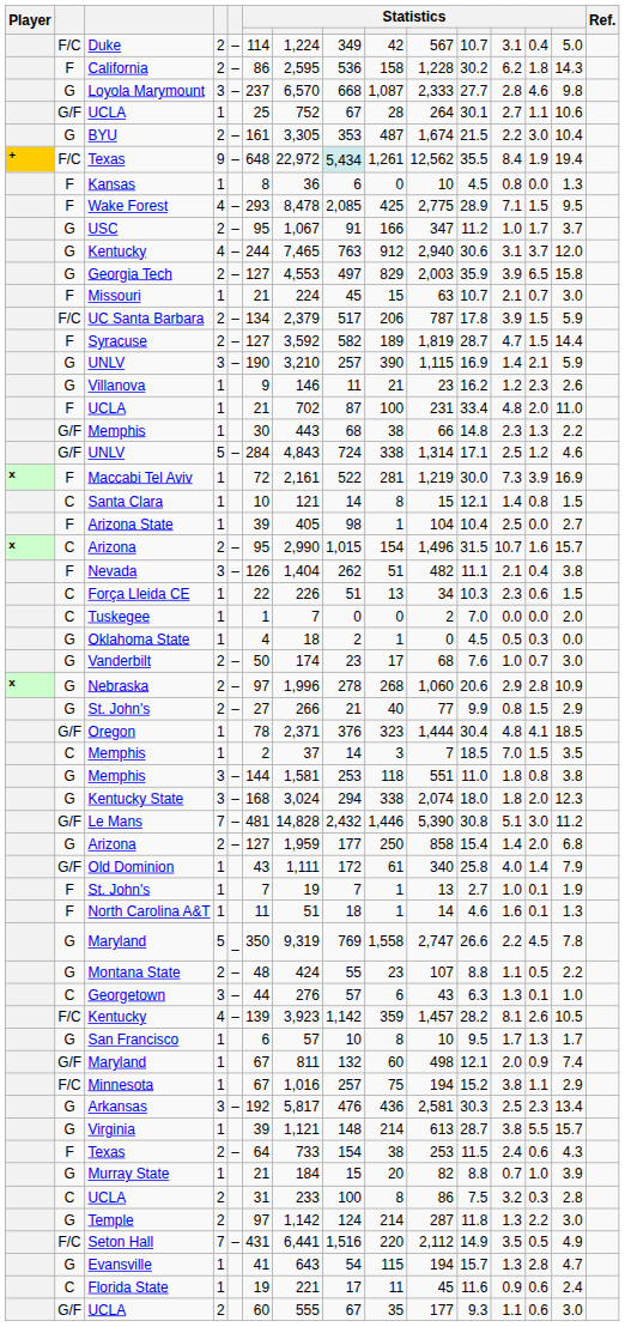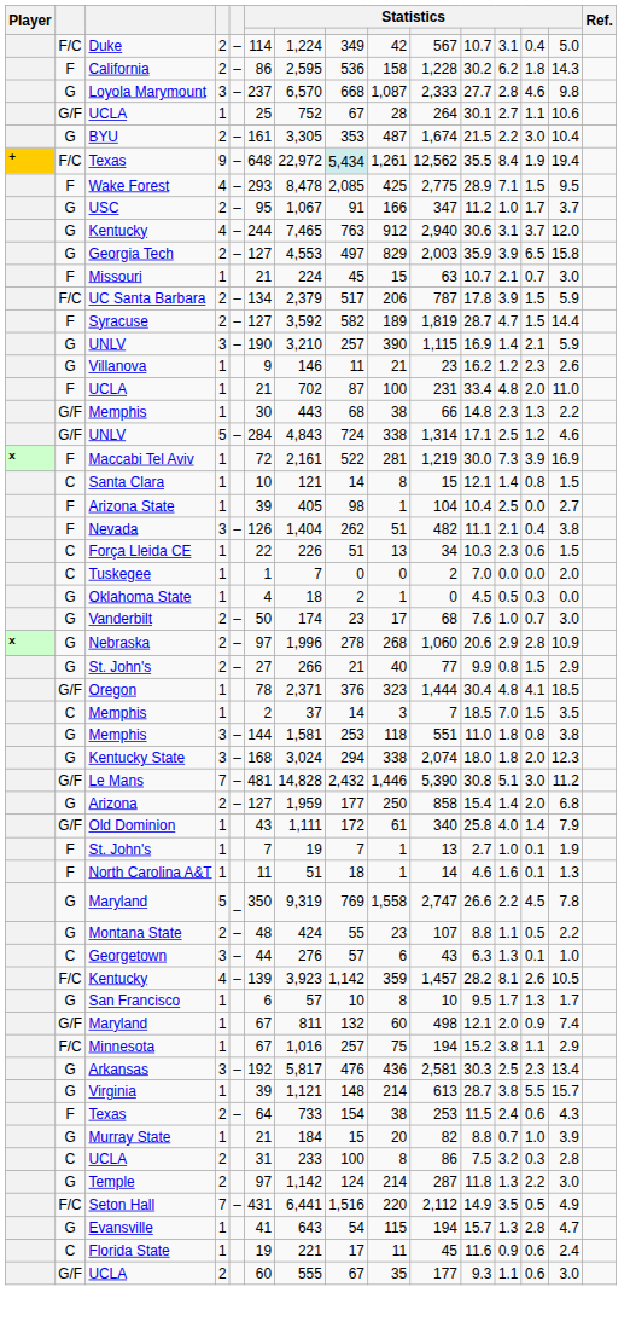 <table class="wikitable sortable" style="font-size:95%; text-align:right;">
 <tr>
 <th scope=col rowspan="2">Player</th>
 <th scope=col rowspan="2"></th>
 <th scope=col rowspan="2"></th>
 <th scope=col rowspan="2"></th>
 <th scope=col rowspan="2"></th>
 <th scope=colgroup colspan="9">Statistics</th>
 <th scope=col rowspan="2">Ref.</th>
 </tr>
 <tr>
 <th scope=col></th>
 <th scope=col></th>
 <th scope=col></th>
 <th scope=col></th>
 <th scope=col></th>
 <th scope=col></th>
 <th scope=col></th>
 <th scope=col></th>
 <th scope=col></th>
 </tr>
 <tr>
 <th scope=row style="text-align:left;"></th>
 <td align="center">F/C</td>
 <td align="left"><a href='#'>Duke</a></td>
 <td align="center">2</td>
 <td align="center">–</td>
 <td>114</td>
 <td>1,224</td>
 <td>349</td>
 <td>42</td>
 <td>567</td>
 <td>10.7</td>
 <td>3.1</td>
 <td>0.4</td>
 <td>5.0</td>
 <td align=center></td>
 </tr>
 <tr>
 <th scope=row style="text-align:left;"></th>
 <td align="center">F</td>
 <td align="left"><a href='#'>California</a></td>
 <td align="center">2</td>
 <td align="center">–</td>
 <td>86</td>
 <td>2,595</td>
 <td>536</td>
 <td>158</td>
 <td>1,228</td>
 <td>30.2</td>
 <td>6.2</td>
 <td>1.8</td>
 <td>14.3</td>
 <td align=center></td>
 </tr>
 <tr>
 <th scope=row style="text-align:left;"></th>
 <td align="center">G</td>
 <td align="left"><a href='#'>Loyola Marymount</a></td>
 <td align="center">3</td>
 <td align="center">–</td>
 <td>237</td>
 <td>6,570</td>
 <td>668</td>
 <td>1,087</td>
 <td>2,333</td>
 <td>27.7</td>
 <td>2.8</td>
 <td>4.6</td>
 <td>9.8</td>
 <td align=center></td>
 </tr>
 <tr>
 <th scope=row style="text-align:left;"></th>
 <td align="center">G/F</td>
 <td align="left"><a href='#'>UCLA</a></td>
 <td align="center">1</td>
 <td align="center"></td>
 <td>25</td>
 <td>752</td>
 <td>67</td>
 <td>28</td>
 <td>264</td>
 <td>30.1</td>
 <td>2.7</td>
 <td>1.1</td>
 <td>10.6</td>
 <td align=center></td>
 </tr>
 <tr>
 <th scope=row style="text-align:left;"></th>
 <td align="center">G</td>
 <td align="left"><a href='#'>BYU</a></td>
 <td align="center">2</td>
 <td align="center">–</td>
 <td>161</td>
 <td>3,305</td>
 <td>353</td>
 <td>487</td>
 <td>1,674</td>
 <td>21.5</td>
 <td>2.2</td>
 <td>3.0</td>
 <td>10.4</td>
 <td align=center></td>
 </tr>
 <tr>
 <th scope=row style="text-align:left; background-color:#FFCC00;"><sup>+</sup></th>
 <td align="center">F/C</td>
 <td align="left"><a href='#'>Texas</a></td>
 <td align="center">9</td>
 <td align="center">–</td>
 <td>648</td>
 <td>22,972</td>
 <td bgcolor="#CFECEC">5,434<sup></sup></td>
 <td>1,261</td>
 <td>12,562</td>
 <td>35.5</td>
 <td>8.4</td>
 <td>1.9</td>
 <td>19.4</td>
-<td align=center></td>
-</tr>
-<tr>
-<th scope=row style="text-align:left;"></th>
-<td align="center">F</td>
-<td align="left"><a href='#'>Kansas</a></td>
-<td align="center">1</td>
-<td align="center"></td>
-<td>8</td>
-<td>36</td>
-<td>6</td>
-<td>0</td>
-<td>10</td>
-<td>4.5</td>
-<td>0.8</td>
-<td>0.0</td>
-<td>1.3</td>
 <td align=center></td>
 </tr>
 <tr>
 <th scope=row style="text-align:left;"></th>
 <td align="center">F</td>
 <td align="left"><a href='#'>Wake Forest</a></td>
 <td align="center">4</td>
 <td align="center">–</td>
 <td>293</td>
 <td>8,478</td>
 <td>2,085</td>
 <td>425</td>
 <td>2,775</td>
 <td>28.9</td>
 <td>7.1</td>
 <td>1.5</td>
 <td>9.5</td>
 <td align=center></td>
 </tr>
 <tr>
 <th scope=row style="text-align:left;"></th>
 <td align="center">G</td>
 <td align="left"><a href='#'>USC</a></td>
 <td align="center">2</td>
 <td align="center">–</td>
 <td>95</td>
 <td>1,067</td>
 <td>91</td>
 <td>166</td>
 <td>347</td>
 <td>11.2</td>
 <td>1.0</td>
 <td>1.7</td>
 <td>3.7</td>
 <td align=center></td>
 </tr>
 <tr>
 <th scope=row style="text-align:left;"></th>
 <td align="center">G</td>
 <td align="left"><a href='#'>Kentucky</a></td>
 <td align="center">4</td>
 <td align="center">–</td>
 <td>244</td>
 <td>7,465</td>
 <td>763</td>
 <td>912</td>
 <td>2,940</td>
 <td>30.6</td>
 <td>3.1</td>
 <td>3.7</td>
 <td>12.0</td>
 <td align=center></td>
 </tr>
 <tr>
 <th scope=row style="text-align:left;"></th>
 <td align="center">G</td>
 <td align="left"><a href='#'>Georgia Tech</a></td>
 <td align="center">2</td>
 <td align="center">–</td>
 <td>127</td>
 <td>4,553</td>
 <td>497</td>
 <td>829</td>
 <td>2,003</td>
 <td>35.9</td>
 <td>3.9</td>
 <td>6.5</td>
 <td>15.8</td>
 <td align=center></td>
 </tr>
 <tr>
 <th scope=row style="text-align:left;"></th>
 <td align="center">F</td>
 <td align="left"><a href='#'>Missouri</a></td>
 <td align="center">1</td>
 <td align="center"></td>
 <td>21</td>
 <td>224</td>
 <td>45</td>
 <td>15</td>
 <td>63</td>
 <td>10.7</td>
 <td>2.1</td>
 <td>0.7</td>
 <td>3.0</td>
 <td align=center></td>
 </tr>
 <tr>
 <th scope=row style="text-align:left;"></th>
 <td align="center">F/C</td>
 <td align="left"><a href='#'>UC Santa Barbara</a></td>
 <td align="center">2</td>
 <td align="center">–</td>
 <td>134</td>
 <td>2,379</td>
 <td>517</td>
 <td>206</td>
 <td>787</td>
 <td>17.8</td>
 <td>3.9</td>
 <td>1.5</td>
 <td>5.9</td>
 <td align=center></td>
 </tr>
 <tr>
 <th scope=row style="text-align:left;"></th>
 <td align="center">F</td>
 <td align="left"><a href='#'>Syracuse</a></td>
 <td align="center">2</td>
 <td align="center">–</td>
 <td>127</td>
 <td>3,592</td>
 <td>582</td>
 <td>189</td>
 <td>1,819</td>
 <td>28.7</td>
 <td>4.7</td>
 <td>1.5</td>
 <td>14.4</td>
 <td align=center></td>
 </tr>
 <tr>
 <th scope=row style="text-align:left;"></th>
 <td align="center">G</td>
 <td align="left"><a href='#'>UNLV</a></td>
 <td align="center">3</td>
 <td align="center">–</td>
 <td>190</td>
 <td>3,210</td>
 <td>257</td>
 <td>390</td>
 <td>1,115</td>
 <td>16.9</td>
 <td>1.4</td>
 <td>2.1</td>
 <td>5.9</td>
 <td align=center></td>
 </tr>
 <tr>
 <th scope=row style="text-align:left;"></th>
 <td align="center">G</td>
 <td align="left"><a href='#'>Villanova</a></td>
 <td align="center">1</td>
 <td align="center"></td>
 <td>9</td>
 <td>146</td>
 <td>11</td>
 <td>21</td>
 <td>23</td>
 <td>16.2</td>
 <td>1.2</td>
 <td>2.3</td>
 <td>2.6</td>
 <td align=center></td>
 </tr>
 <tr>
 <th scope=row style="text-align:left;"></th>
 <td align="center">F</td>
 <td align="left"><a href='#'>UCLA</a></td>
 <td align="center">1</td>
 <td align="center"></td>
 <td>21</td>
 <td>702</td>
 <td>87</td>
 <td>100</td>
 <td>231</td>
 <td>33.4</td>
 <td>4.8</td>
 <td>2.0</td>
 <td>11.0</td>
 <td align=center></td>
 </tr>
 <tr>
 <th scope=row style="text-align:left;"></th>
 <td align="center">G/F</td>
 <td align="left"><a href='#'>Memphis</a></td>
 <td align="center">1</td>
 <td align="center"></td>
 <td>30</td>
 <td>443</td>
 <td>68</td>
 <td>38</td>
 <td>66</td>
 <td>14.8</td>
 <td>2.3</td>
 <td>1.3</td>
 <td>2.2</td>
 <td align=center></td>
 </tr>
 <tr>
 <th scope=row style="text-align:left;"></th>
 <td align="center">G/F</td>
 <td align="left"><a href='#'>UNLV</a></td>
 <td align="center">5</td>
 <td align="center">–</td>
 <td>284</td>
 <td>4,843</td>
 <td>724</td>
 <td>338</td>
 <td>1,314</td>
 <td>17.1</td>
 <td>2.5</td>
 <td>1.2</td>
 <td>4.6</td>
 <td align=center></td>
 </tr>
 <tr>
 <th scope=row style="text-align:left; background-color:#CCFFCC;"><sup>x</sup></th>
 <td align="center">F</td>
 <td align="left"> <a href='#'>Maccabi Tel Aviv</a></td>
 <td align="center">1</td>
 <td align="center"></td>
 <td>72</td>
 <td>2,161</td>
 <td>522</td>
 <td>281</td>
 <td>1,219</td>
 <td>30.0</td>
 <td>7.3</td>
 <td>3.9</td>
 <td>16.9</td>
 <td align=center></td>
 </tr>
 <tr>
 <th scope=row style="text-align:left;"></th>
 <td align="center">C</td>
 <td align="left"><a href='#'>Santa Clara</a></td>
 <td align="center">1</td>
 <td align="center"></td>
 <td>10</td>
 <td>121</td>
 <td>14</td>
 <td>8</td>
 <td>15</td>
 <td>12.1</td>
 <td>1.4</td>
 <td>0.8</td>
 <td>1.5</td>
 <td align=center></td>
 </tr>
 <tr>
 <th scope=row style="text-align:left;"></th>
 <td align="center">F</td>
 <td align="left"><a href='#'>Arizona State</a></td>
 <td align="center">1</td>
 <td align="center"></td>
 <td>39</td>
 <td>405</td>
 <td>98</td>
 <td>1</td>
 <td>104</td>
 <td>10.4</td>
 <td>2.5</td>
 <td>0.0</td>
 <td>2.7</td>
-<td align=center></td>
-</tr>
-<tr>
-<th scope=row style="text-align:left; background-color:#CCFFCC;"><sup>x</sup></th>
-<td align="center">C</td>
-<td align="left"><a href='#'>Arizona</a></td>
-<td align="center">2</td>
-<td align="center">–</td>
-<td>95</td>
-<td>2,990</td>
-<td>1,015</td>
-<td>154</td>
-<td>1,496</td>
-<td>31.5</td>
-<td>10.7</td>
-<td>1.6</td>
-<td>15.7</td>
 <td align=center></td>
 </tr>
 <tr>
 <th scope=row style="text-align:left;"></th>
 <td align="center">F</td>
 <td align="left"><a href='#'>Nevada</a></td>
 <td align="center">3</td>
 <td align="center">–</td>
 <td>126</td>
 <td>1,404</td>
 <td>262</td>
 <td>51</td>
 <td>482</td>
 <td>11.1</td>
 <td>2.1</td>
 <td>0.4</td>
 <td>3.8</td>
 <td align=center></td>
 </tr>
 <tr>
 <th scope=row style="text-align:left;"></th>
 <td align="center">C</td>
 <td align="left"> <a href='#'>Força Lleida CE</a></td>
 <td align="center">1</td>
 <td align="center"></td>
 <td>22</td>
 <td>226</td>
 <td>51</td>
 <td>13</td>
 <td>34</td>
 <td>10.3</td>
 <td>2.3</td>
 <td>0.6</td>
 <td>1.5</td>
 <td align=center></td>
 </tr>
 <tr>
 <th scope=row style="text-align:left;"></th>
 <td align="center">C</td>
 <td align="left"><a href='#'>Tuskegee</a></td>
 <td align="center">1</td>
 <td align="center"></td>
 <td>1</td>
 <td>7</td>
 <td>0</td>
 <td>0</td>
 <td>2</td>
 <td>7.0</td>
 <td>0.0</td>
 <td>0.0</td>
 <td>2.0</td>
 <td align=center></td>
 </tr>
 <tr>
 <th scope=row style="text-align:left;"></th>
 <td align="center">G</td>
 <td align="left"><a href='#'>Oklahoma State</a></td>
 <td align="center">1</td>
 <td align="center"></td>
 <td>4</td>
 <td>18</td>
 <td>2</td>
 <td>1</td>
 <td>0</td>
 <td>4.5</td>
 <td>0.5</td>
 <td>0.3</td>
 <td>0.0</td>
 <td align=center></td>
 </tr>
 <tr>
 <th scope=row style="text-align:left;"></th>
 <td align="center">G</td>
 <td align="left"><a href='#'>Vanderbilt</a></td>
 <td align="center">2</td>
 <td align="center">–</td>
 <td>50</td>
 <td>174</td>
 <td>23</td>
 <td>17</td>
 <td>68</td>
 <td>7.6</td>
 <td>1.0</td>
 <td>0.7</td>
 <td>3.0</td>
 <td align=center></td>
 </tr>
 <tr>
 <th scope=row style="text-align:left; background-color:#CCFFCC;"><sup>x</sup></th>
 <td align="center">G</td>
 <td align="left"><a href='#'>Nebraska</a></td>
 <td align="center">2</td>
 <td align="center">–</td>
 <td>97</td>
 <td>1,996</td>
 <td>278</td>
 <td>268</td>
 <td>1,060</td>
 <td>20.6</td>
 <td>2.9</td>
 <td>2.8</td>
 <td>10.9</td>
 <td align=center></td>
 </tr>
 <tr>
 <th scope=row style="text-align:left;"></th>
 <td align="center">G</td>
 <td align="left"><a href='#'>St. John's</a></td>
 <td align="center">2</td>
 <td align="center">–</td>
 <td>27</td>
 <td>266</td>
 <td>21</td>
 <td>40</td>
 <td>77</td>
 <td>9.9</td>
 <td>0.8</td>
 <td>1.5</td>
 <td>2.9</td>
 <td align=center></td>
 </tr>
 <tr>
 <th scope=row style="text-align:left;"></th>
 <td align="center">G/F</td>
 <td align="left"><a href='#'>Oregon</a></td>
 <td align="center">1</td>
 <td align="center"></td>
 <td>78</td>
 <td>2,371</td>
 <td>376</td>
 <td>323</td>
 <td>1,444</td>
 <td>30.4</td>
 <td>4.8</td>
 <td>4.1</td>
 <td>18.5</td>
 <td align=center></td>
 </tr>
 <tr>
 <th scope=row style="text-align:left;"></th>
 <td align="center">C</td>
 <td align="left"><a href='#'>Memphis</a></td>
 <td align="center">1</td>
 <td align="center"></td>
 <td>2</td>
 <td>37</td>
 <td>14</td>
 <td>3</td>
 <td>7</td>
 <td>18.5</td>
 <td>7.0</td>
 <td>1.5</td>
 <td>3.5</td>
 <td align=center></td>
 </tr>
 <tr>
 <th scope=row style="text-align:left;"></th>
 <td align="center">G</td>
 <td align="left"><a href='#'>Memphis</a></td>
 <td align="center">3</td>
 <td align="center">–</td>
 <td>144</td>
 <td>1,581</td>
 <td>253</td>
 <td>118</td>
 <td>551</td>
 <td>11.0</td>
 <td>1.8</td>
 <td>0.8</td>
 <td>3.8</td>
 <td align=center></td>
 </tr>
 <tr>
 <th scope=row style="text-align:left;"></th>
 <td align="center">G</td>
 <td align="left"><a href='#'>Kentucky State</a></td>
 <td align="center">3</td>
 <td align="center">–</td>
 <td>168</td>
 <td>3,024</td>
 <td>294</td>
 <td>338</td>
 <td>2,074</td>
 <td>18.0</td>
 <td>1.8</td>
 <td>2.0</td>
 <td>12.3</td>
 <td align=center></td>
 </tr>
 <tr>
 <th scope=row style="text-align:left;"></th>
 <td align="center">G/F</td>
 <td align="left"> <a href='#'>Le Mans</a></td>
 <td align="center">7</td>
 <td align="center">–</td>
 <td>481</td>
 <td>14,828</td>
 <td>2,432</td>
 <td>1,446</td>
 <td>5,390</td>
 <td>30.8</td>
 <td>5.1</td>
 <td>3.0</td>
 <td>11.2</td>
 <td align=center></td>
 </tr>
 <tr>
 <th scope=row style="text-align:left;"></th>
 <td align="center">G</td>
 <td align="left"><a href='#'>Arizona</a></td>
 <td align="center">2</td>
 <td align="center">–</td>
 <td>127</td>
 <td>1,959</td>
 <td>177</td>
 <td>250</td>
 <td>858</td>
 <td>15.4</td>
 <td>1.4</td>
 <td>2.0</td>
 <td>6.8</td>
 <td align=center></td>
 </tr>
 <tr>
 <th scope=row style="text-align:left;"></th>
 <td align="center">G/F</td>
 <td align="left"><a href='#'>Old Dominion</a></td>
 <td align="center">1</td>
 <td align="center"></td>
 <td>43</td>
 <td>1,111</td>
 <td>172</td>
 <td>61</td>
 <td>340</td>
 <td>25.8</td>
 <td>4.0</td>
 <td>1.4</td>
 <td>7.9</td>
 <td align=center></td>
 </tr>
 <tr>
 <th scope=row style="text-align:left;"></th>
 <td align="center">F</td>
 <td align="left"><a href='#'>St. John's</a></td>
 <td align="center">1</td>
 <td align="center"></td>
 <td>7</td>
 <td>19</td>
 <td>7</td>
 <td>1</td>
 <td>13</td>
 <td>2.7</td>
 <td>1.0</td>
 <td>0.1</td>
 <td>1.9</td>
 <td align=center></td>
 </tr>
 <tr>
 <th scope=row style="text-align:left;"></th>
 <td align="center">F</td>
 <td align="left"><a href='#'>North Carolina A&T</a></td>
 <td align="center">1</td>
 <td align="center"></td>
 <td>11</td>
 <td>51</td>
 <td>18</td>
 <td>1</td>
 <td>14</td>
 <td>4.6</td>
 <td>1.6</td>
 <td>0.1</td>
 <td>1.3</td>
 <td align=center></td>
 </tr>
 <tr>
 <th scope=row style="text-align:left;"></th>
 <td align="center">G</td>
 <td align="left"><a href='#'>Maryland</a></td>
 <td align="center">5</td>
 <td align="center"><br>–<br></td>
 <td>350</td>
 <td>9,319</td>
 <td>769</td>
 <td>1,558</td>
 <td>2,747</td>
 <td>26.6</td>
 <td>2.2</td>
 <td>4.5</td>
 <td>7.8</td>
 <td align=center></td>
 </tr>
 <tr>
 <th scope=row style="text-align:left;"></th>
 <td align="center">G</td>
 <td align="left"><a href='#'>Montana State</a></td>
 <td align="center">2</td>
 <td align="center">–</td>
 <td>48</td>
 <td>424</td>
 <td>55</td>
 <td>23</td>
 <td>107</td>
 <td>8.8</td>
 <td>1.1</td>
 <td>0.5</td>
 <td>2.2</td>
 <td align=center></td>
 </tr>
 <tr>
 <th scope=row style="text-align:left;"></th>
 <td align="center">C</td>
 <td align="left"><a href='#'>Georgetown</a></td>
 <td align="center">3</td>
 <td align="center">–</td>
 <td>44</td>
 <td>276</td>
 <td>57</td>
 <td>6</td>
 <td>43</td>
 <td>6.3</td>
 <td>1.3</td>
 <td>0.1</td>
 <td>1.0</td>
 <td align=center></td>
 </tr>
 <tr>
 <th scope=row style="text-align:left;"></th>
 <td align="center">F/C</td>
 <td align="left"><a href='#'>Kentucky</a></td>
 <td align="center">4</td>
 <td align="center">–<br></td>
 <td>139</td>
 <td>3,923</td>
 <td>1,142</td>
 <td>359</td>
 <td>1,457</td>
 <td>28.2</td>
 <td>8.1</td>
 <td>2.6</td>
 <td>10.5</td>
 <td align=center></td>
 </tr>
 <tr>
 <th scope=row style="text-align:left;"></th>
 <td align="center">G</td>
 <td align="left"><a href='#'>San Francisco</a></td>
 <td align="center">1</td>
 <td align="center"></td>
 <td>6</td>
 <td>57</td>
 <td>10</td>
 <td>8</td>
 <td>10</td>
 <td>9.5</td>
 <td>1.7</td>
 <td>1.3</td>
 <td>1.7</td>
 <td align=center></td>
 </tr>
 <tr>
 <th scope=row style="text-align:left;"></th>
 <td align="center">G/F</td>
 <td align="left"><a href='#'>Maryland</a></td>
 <td align="center">1</td>
 <td align="center"></td>
 <td>67</td>
 <td>811</td>
 <td>132</td>
 <td>60</td>
 <td>498</td>
 <td>12.1</td>
 <td>2.0</td>
 <td>0.9</td>
 <td>7.4</td>
 <td align=center></td>
 </tr>
 <tr>
 <th scope=row style="text-align:left;"></th>
 <td align="center">F/C</td>
 <td align="left"><a href='#'>Minnesota</a></td>
 <td align="center">1</td>
 <td align="center"></td>
 <td>67</td>
 <td>1,016</td>
 <td>257</td>
 <td>75</td>
 <td>194</td>
 <td>15.2</td>
 <td>3.8</td>
 <td>1.1</td>
 <td>2.9</td>
 <td align=center></td>
 </tr>
 <tr>
 <th scope=row style="text-align:left;"></th>
 <td align="center">G</td>
 <td align="left"><a href='#'>Arkansas</a></td>
 <td align="center">3</td>
 <td align="center">–</td>
 <td>192</td>
 <td>5,817</td>
 <td>476</td>
 <td>436</td>
 <td>2,581</td>
 <td>30.3</td>
 <td>2.5</td>
 <td>2.3</td>
 <td>13.4</td>
 <td align=center></td>
 </tr>
 <tr>
 <th scope=row style="text-align:left;"></th>
 <td align="center">G</td>
 <td align="left"><a href='#'>Virginia</a></td>
 <td align="center">1</td>
 <td align="center"></td>
 <td>39</td>
 <td>1,121</td>
 <td>148</td>
 <td>214</td>
 <td>613</td>
 <td>28.7</td>
 <td>3.8</td>
 <td>5.5</td>
 <td>15.7</td>
 <td align=center></td>
 </tr>
 <tr>
 <th scope=row style="text-align:left;"></th>
 <td align="center">F</td>
 <td align="left"><a href='#'>Texas</a></td>
 <td align="center">2</td>
 <td align="center">–</td>
 <td>64</td>
 <td>733</td>
 <td>154</td>
 <td>38</td>
 <td>253</td>
 <td>11.5</td>
 <td>2.4</td>
 <td>0.6</td>
 <td>4.3</td>
 <td align=center></td>
 </tr>
 <tr>
 <th scope=row style="text-align:left;"></th>
 <td align="center">G</td>
 <td align="left"><a href='#'>Murray State</a></td>
 <td align="center">1</td>
 <td align="center"></td>
 <td>21</td>
 <td>184</td>
 <td>15</td>
 <td>20</td>
 <td>82</td>
 <td>8.8</td>
 <td>0.7</td>
 <td>1.0</td>
 <td>3.9</td>
 <td align=center></td>
 </tr>
 <tr>
 <th scope=row style="text-align:left;"></th>
 <td align="center">C</td>
 <td align="left"><a href='#'>UCLA</a></td>
 <td align="center">2</td>
 <td align="center"><br></td>
 <td>31</td>
 <td>233</td>
 <td>100</td>
 <td>8</td>
 <td>86</td>
 <td>7.5</td>
 <td>3.2</td>
 <td>0.3</td>
 <td>2.8</td>
 <td align=center></td>
 </tr>
 <tr>
 <th scope=row style="text-align:left;"></th>
 <td align="center">G</td>
 <td align="left"><a href='#'>Temple</a></td>
 <td align="center">2</td>
 <td align="center"><br></td>
 <td>97</td>
 <td>1,142</td>
 <td>124</td>
 <td>214</td>
 <td>287</td>
 <td>11.8</td>
 <td>1.3</td>
 <td>2.2</td>
 <td>3.0</td>
 <td align=center></td>
 </tr>
 <tr>
 <th scope=row style="text-align:left;"></th>
 <td align="center">F/C</td>
 <td align="left"><a href='#'>Seton Hall</a></td>
 <td align="center">7</td>
 <td align="center">–</td>
 <td>431</td>
 <td>6,441</td>
 <td>1,516</td>
 <td>220</td>
 <td>2,112</td>
 <td>14.9</td>
 <td>3.5</td>
 <td>0.5</td>
 <td>4.9</td>
 <td align=center></td>
 </tr>
 <tr>
 <th scope=row style="text-align:left;"></th>
 <td align="center">G</td>
 <td align="left"><a href='#'>Evansville</a></td>
 <td align="center">1</td>
 <td align="center"></td>
 <td>41</td>
 <td>643</td>
 <td>54</td>
 <td>115</td>
 <td>194</td>
 <td>15.7</td>
 <td>1.3</td>
 <td>2.8</td>
 <td>4.7</td>
 <td align=center></td>
 </tr>
 <tr>
 <th scope=row style="text-align:left;"></th>
 <td align="center">C</td>
 <td align="left"><a href='#'>Florida State</a></td>
 <td align="center">1</td>
 <td align="center"></td>
 <td>19</td>
 <td>221</td>
 <td>17</td>
 <td>11</td>
 <td>45</td>
 <td>11.6</td>
 <td>0.9</td>
 <td>0.6</td>
 <td>2.4</td>
 <td align=center></td>
 </tr>
 <tr>
 <th scope=row style="text-align:left;"></th>
 <td align="center">G/F</td>
 <td align="left"><a href='#'>UCLA</a></td>
 <td align="center">2</td>
 <td align="center"><br></td>
 <td>60</td>
 <td>555</td>
 <td>67</td>
 <td>35</td>
 <td>177</td>
 <td>9.3</td>
 <td>1.1</td>
 <td>0.6</td>
 <td>3.0</td>
 <td align=center></td>
 </tr>
 </table>
